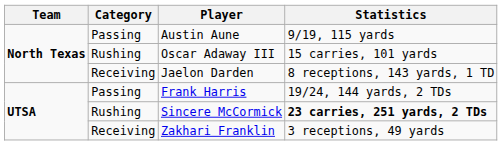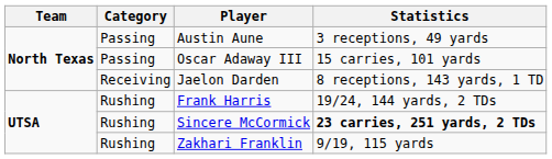 <table class="wikitable" style="float: left;">
 <tr>
 <th>Team</th>
 <th>Category</th>
 <th>Player</th>
 <th>Statistics</th>
 </tr>
 <tr>
 <td rowspan=3><strong>North Texas</strong></td>
 <td>Passing</td>
 <td>Austin Aune</td>
-<td>9/19, 115 yards</td>
+<td>3 receptions, 49 yards</td>
 </tr>
 <tr>
-<td>Rushing</td>
+<td>Passing</td>
 <td>Oscar Adaway III</td>
 <td>15 carries, 101 yards</td>
 </tr>
 <tr>
 <td>Receiving</td>
 <td>Jaelon Darden</td>
 <td>8 receptions, 143 yards, 1 TD</td>
 </tr>
 <tr>
 <td rowspan=3><strong>UTSA</strong></td>
-<td>Passing</td>
+<td>Rushing</td>
 <td><a href='#'>Frank Harris</a></td>
 <td>19/24, 144 yards, 2 TDs</td>
 </tr>
 <tr>
 <td>Rushing</td>
 <td><a href='#'>Sincere McCormick</a></td>
 <td><strong>23 carries, 251 yards, 2 TDs</strong></td>
 </tr>
 <tr>
-<td>Receiving</td>
+<td>Rushing</td>
 <td><a href='#'>Zakhari Franklin</a></td>
-<td>3 receptions, 49 yards</td>
+<td>9/19, 115 yards</td>
 </tr>
 </table>
